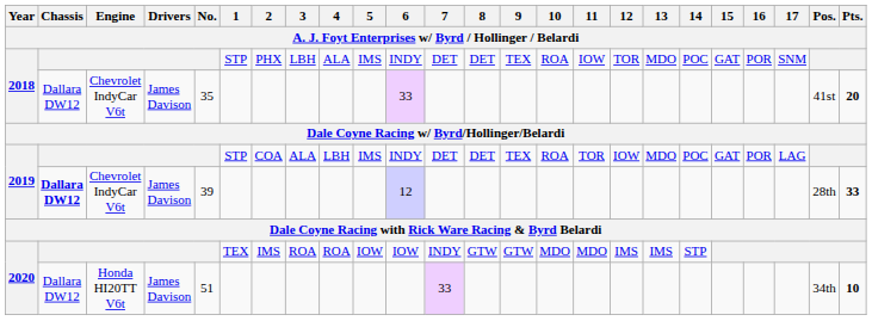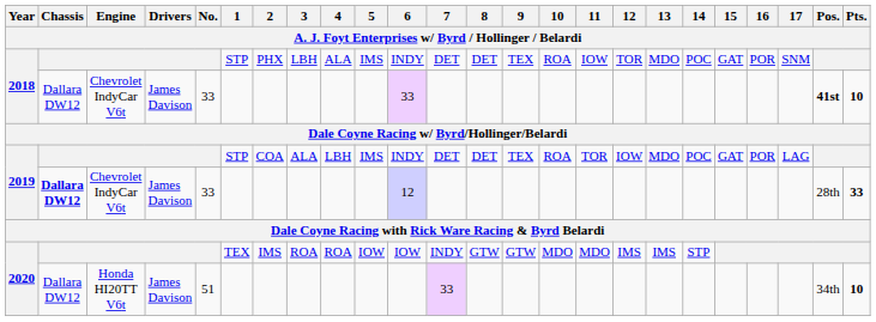 <table class="wikitable" style="text-align:center; font-size:85%">
 <tr>
 <th>Year</th>
 <th style="white-spaaace: nowrap;">Chassis</th>
 <th style="white-spaaace: nowrap;">Engine</th>
 <th style="white-spaaace: nowrap;">Drivers</th>
 <th>No.</th>
 <th>1</th>
 <th>2</th>
 <th>3</th>
 <th>4</th>
 <th>5</th>
 <th>6</th>
 <th>7</th>
 <th>8</th>
 <th>9</th>
 <th>10</th>
 <th>11</th>
 <th>12</th>
 <th>13</th>
 <th>14</th>
 <th>15</th>
 <th>16</th>
 <th>17</th>
 <th>Pos.</th>
 <th>Pts.</th>
 </tr>
 <tr>
 <th colspan=26><a href='#'>A. J. Foyt Enterprises</a> w/ <a href='#'>Byrd</a> / Hollinger / Belardi</th>
 </tr>
 <tr>
 <th rowspan=2><a href='#'>2018</a></th>
 <th colspan=4></th>
 <td><a href='#'>STP</a></td>
 <td><a href='#'>PHX</a></td>
 <td><a href='#'>LBH</a></td>
 <td><a href='#'>ALA</a></td>
 <td><a href='#'>IMS</a></td>
 <td><a href='#'>INDY</a></td>
 <td><a href='#'>DET</a></td>
 <td><a href='#'>DET</a></td>
 <td><a href='#'>TEX</a></td>
 <td><a href='#'>ROA</a></td>
 <td><a href='#'>IOW</a></td>
 <td><a href='#'>TOR</a></td>
 <td><a href='#'>MDO</a></td>
 <td><a href='#'>POC</a></td>
 <td><a href='#'>GAT</a></td>
 <td><a href='#'>POR</a></td>
 <td><a href='#'>SNM</a></td>
 <th colspan=4></th>
 </tr>
 <tr>
 <td rowspan=1><a href='#'>Dallara</a> <a href='#'>DW12</a></td>
 <td rowspan=1><a href='#'>Chevrolet</a> IndyCar <a href='#'>V6</a><a href='#'>t</a></td>
 <td align="left"> <a href='#'>James Davison</a> </td>
-<td>35</td>
+<td>33</td>
 <td></td>
 <td></td>
 <td></td>
 <td></td>
 <td></td>
 <td style="background:#EFCFFF;">33</td>
 <td></td>
 <td></td>
 <td></td>
 <td></td>
 <td></td>
 <td></td>
 <td></td>
 <td></td>
 <td></td>
 <td></td>
 <td></td>
-<td>41st</td>
-<td><strong>20</strong></td>
+<td><strong>41st</strong></td>
+<td><strong>10</strong></td>
 </tr>
 <tr>
 <th colspan=26><a href='#'>Dale Coyne Racing</a> w/ <a href='#'>Byrd</a>/Hollinger/Belardi</th>
 </tr>
 <tr>
 <th rowspan=2><a href='#'>2019</a></th>
 <th colspan=4></th>
 <td><a href='#'>STP</a></td>
 <td><a href='#'>COA</a></td>
 <td><a href='#'>ALA</a></td>
 <td><a href='#'>LBH</a></td>
 <td><a href='#'>IMS</a></td>
 <td><a href='#'>INDY</a></td>
 <td><a href='#'>DET</a></td>
 <td><a href='#'>DET</a></td>
 <td><a href='#'>TEX</a></td>
 <td><a href='#'>ROA</a></td>
 <td><a href='#'>TOR</a></td>
 <td><a href='#'>IOW</a></td>
 <td><a href='#'>MDO</a></td>
 <td><a href='#'>POC</a></td>
 <td><a href='#'>GAT</a></td>
 <td><a href='#'>POR</a></td>
 <td><a href='#'>LAG</a></td>
 <th colspan=4></th>
 </tr>
 <tr>
 <td rowspan=1><strong><a href='#'>Dallara</a> <a href='#'>DW12</a></strong></td>
 <td rowspan=1><a href='#'>Chevrolet</a> IndyCar <a href='#'>V6</a><a href='#'>t</a></td>
 <td align="left"> <a href='#'>James Davison</a> </td>
-<td>39</td>
+<td>33</td>
 <td></td>
 <td></td>
 <td></td>
 <td></td>
 <td></td>
 <td style="background:#CFCFFF;">12</td>
 <td></td>
 <td></td>
 <td></td>
 <td></td>
 <td></td>
 <td></td>
 <td></td>
 <td></td>
 <td></td>
 <td></td>
 <td></td>
 <td>28th</td>
 <td><strong>33</strong></td>
 </tr>
 <tr>
 <th colspan=24><a href='#'>Dale Coyne Racing</a> with <a href='#'>Rick Ware Racing</a> & <a href='#'>Byrd</a> Belardi</th>
 </tr>
 <tr>
 <th rowspan=2><a href='#'>2020</a></th>
 <th colspan=4></th>
 <td><a href='#'>TEX</a></td>
 <td><a href='#'>IMS</a></td>
 <td><a href='#'>ROA</a></td>
 <td><a href='#'>ROA</a></td>
 <td><a href='#'>IOW</a></td>
 <td><a href='#'>IOW</a></td>
 <td><a href='#'>INDY</a></td>
 <td><a href='#'>GTW</a></td>
 <td><a href='#'>GTW</a></td>
 <td><a href='#'>MDO</a></td>
 <td><a href='#'>MDO</a></td>
 <td><a href='#'>IMS</a></td>
 <td><a href='#'>IMS</a></td>
 <td><a href='#'>STP</a></td>
 <th colspan=5></th>
 </tr>
 <tr>
 <td rowspan="1"><a href='#'>Dallara</a> <a href='#'>DW12</a></td>
 <td rowspan="1"><a href='#'>Honda</a> HI20TT <a href='#'>V6</a><a href='#'>t</a></td>
 <td align="left"> <a href='#'>James Davison</a> </td>
 <td>51</td>
 <td></td>
 <td></td>
 <td></td>
 <td></td>
 <td></td>
 <td></td>
 <td style="background:#EFCFFF;">33</td>
 <td></td>
 <td></td>
 <td></td>
 <td></td>
 <td></td>
 <td></td>
 <td></td>
 <td></td>
 <td></td>
 <td></td>
 <td>34th</td>
 <td><strong>10</strong></td>
 </tr>
 </table>
